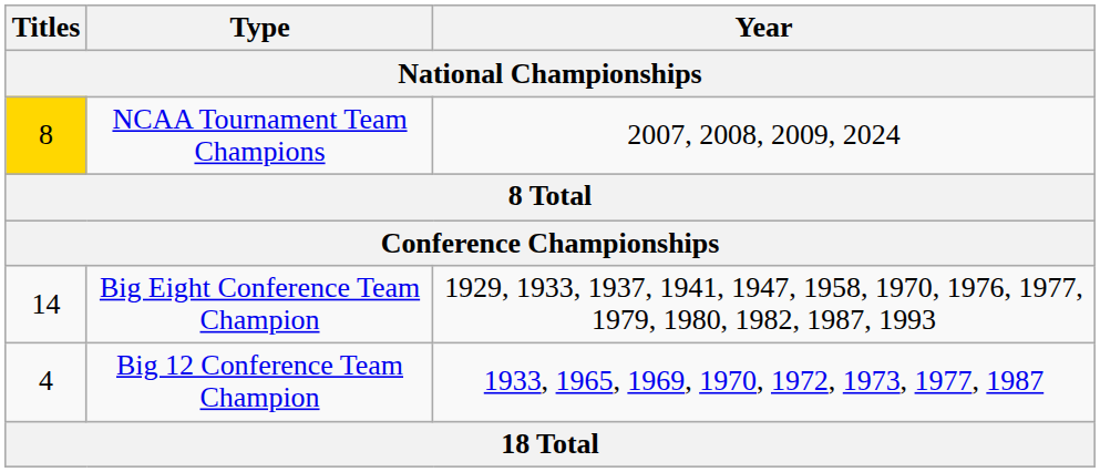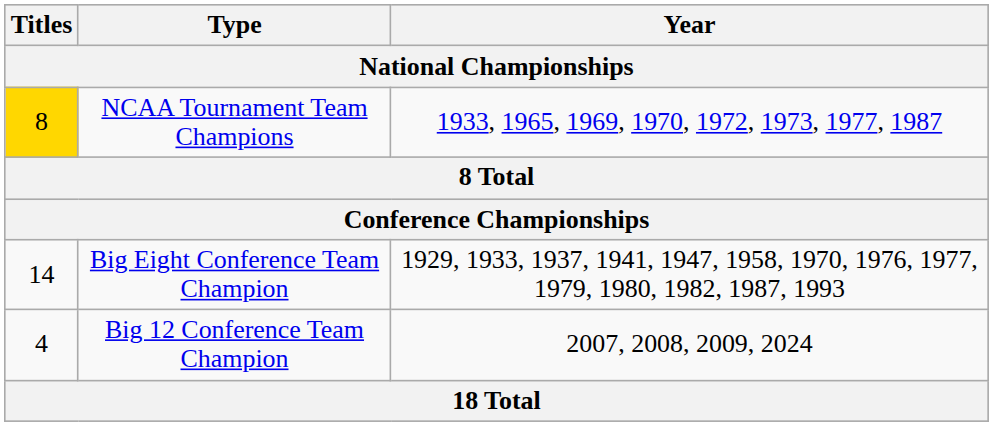 <table class="wikitable" style="text-align:center">
 <tr>
 <th>Titles</th>
 <th>Type</th>
 <th>Year</th>
 </tr>
 <tr>
 <th colspan=3>National Championships</th>
 </tr>
 <tr>
 <td style="background: gold;">8</td>
 <td><a href='#'>NCAA Tournament Team Champions</a></td>
-<td>2007, 2008, 2009, 2024</td>
+<td><a href='#'>1933</a>, <a href='#'>1965</a>, <a href='#'>1969</a>, <a href='#'>1970</a>, <a href='#'>1972</a>, <a href='#'>1973</a>, <a href='#'>1977</a>, <a href='#'>1987</a></td>
 </tr>
 <tr>
 <th colspan=3>8 Total</th>
 </tr>
 <tr>
 <th colspan=8>Conference Championships</th>
 </tr>
 <tr>
 <td>14</td>
 <td><a href='#'>Big Eight Conference Team Champion</a></td>
 <td>1929, 1933, 1937, 1941, 1947, 1958, 1970, 1976, 1977, 1979, 1980, 1982, 1987, 1993</td>
 </tr>
 <tr>
 <td>4</td>
 <td><a href='#'>Big 12 Conference Team Champion</a></td>
-<td><a href='#'>1933</a>, <a href='#'>1965</a>, <a href='#'>1969</a>, <a href='#'>1970</a>, <a href='#'>1972</a>, <a href='#'>1973</a>, <a href='#'>1977</a>, <a href='#'>1987</a></td>
+<td>2007, 2008, 2009, 2024</td>
 </tr>
 <tr>
 <th colspan=3>18 Total</th>
 </tr>
 </table>
